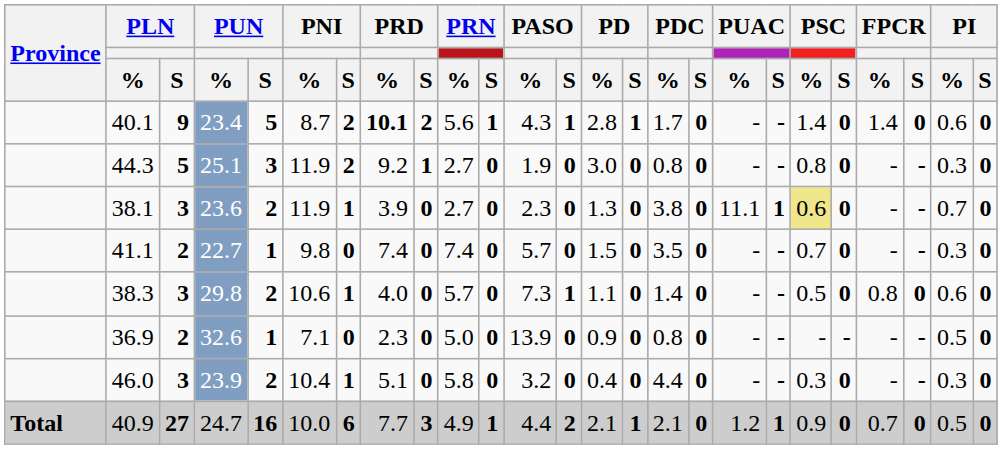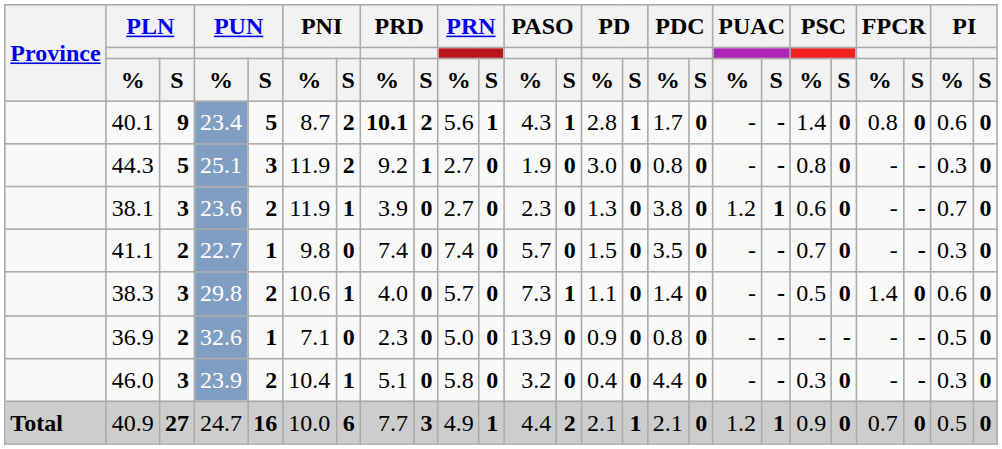 <table class="wikitable sortable" style="text-align:right; font-size:95%; line-height:20px;">
 <tr>
 <th rowspan="3"><a href='#'>Province</a></th>
 <th colspan="2" width="30px"><a href='#'>PLN</a></th>
 <th colspan="2" width="30px"><a href='#'>PUN</a></th>
 <th colspan="2" width="30px">PNI</th>
 <th colspan="2" width="30px">PRD</th>
 <th colspan="2" width="30px"><a href='#'>PRN</a></th>
 <th colspan="2" width="30px">PASO</th>
 <th colspan="2" width="30px">PD</th>
 <th colspan="2" width="30px">PDC</th>
 <th colspan="2" width="30px">PUAC</th>
 <th colspan="2" width="30px">PSC</th>
 <th colspan="2" width="30px">FPCR</th>
 <th colspan="2" width="30px">PI</th>
 </tr>
 <tr>
 <th colspan="2" style="background:"></th>
 <th colspan="2" style="background:"></th>
 <th colspan="2" style="background:"></th>
 <th colspan="2" style="background:"></th>
 <th colspan="2" style="background:#ba151b"></th>
 <th colspan="2" style="background:"></th>
 <th colspan="2" style="background:"></th>
 <th colspan="2" style="background:"></th>
 <th colspan="2" style="background:#AE23B8"></th>
 <th colspan="2" style="background:#F21F1F"></th>
 <th colspan="2" style="background:"></th>
 <th colspan="2" style="background:"></th>
 </tr>
 <tr>
 <th data-sort-type="number">%</th>
 <th data-sort-type="number">S</th>
 <th data-sort-type="number">%</th>
 <th data-sort-type="number">S</th>
 <th data-sort-type="number">%</th>
 <th data-sort-type="number">S</th>
 <th data-sort-type="number">%</th>
 <th data-sort-type="number">S</th>
 <th data-sort-type="number">%</th>
 <th data-sort-type="number">S</th>
 <th data-sort-type="number">%</th>
 <th data-sort-type="number">S</th>
 <th data-sort-type="number">%</th>
 <th data-sort-type="number">S</th>
 <th data-sort-type="number">%</th>
 <th data-sort-type="number">S</th>
 <th data-sort-type="number">%</th>
 <th data-sort-type="number">S</th>
 <th data-sort-type="number">%</th>
 <th data-sort-type="number">S</th>
 <th data-sort-type="number">%</th>
 <th data-sort-type="number">S</th>
 <th data-sort-type="number">%</th>
 <th data-sort-type="number">S</th>
 </tr>
 <tr>
 <td align="left"></td>
 <td style="background:">40.1</td>
 <td><strong>9</strong></td>
 <td style="background:#809ec1; color:white;">23.4</td>
 <td><strong>5</strong></td>
 <td>8.7</td>
 <td><strong>2</strong></td>
 <td><strong>10.1</strong></td>
 <td><strong>2</strong></td>
 <td>5.6</td>
 <td><strong>1</strong></td>
 <td>4.3</td>
 <td><strong>1</strong></td>
 <td>2.8</td>
 <td><strong>1</strong></td>
 <td>1.7</td>
 <td><strong>0</strong></td>
 <td>-</td>
 <td><strong>-</strong></td>
 <td>1.4</td>
 <td><strong>0</strong></td>
-<td>1.4</td>
+<td>0.8</td>
 <td><strong>0</strong></td>
 <td>0.6</td>
 <td><strong>0</strong></td>
 </tr>
 <tr>
 <td align="left"></td>
 <td style="background:">44.3</td>
 <td><strong>5</strong></td>
 <td style="background:#809ec1; color:white;">25.1</td>
 <td><strong>3</strong></td>
 <td>11.9</td>
 <td><strong>2</strong></td>
 <td>9.2</td>
 <td><strong>1</strong></td>
 <td>2.7</td>
 <td><strong>0</strong></td>
 <td>1.9</td>
 <td><strong>0</strong></td>
 <td>3.0</td>
 <td><strong>0</strong></td>
 <td>0.8</td>
 <td><strong>0</strong></td>
 <td>-</td>
 <td><strong>-</strong></td>
 <td>0.8</td>
 <td><strong>0</strong></td>
 <td>-</td>
 <td><strong>-</strong></td>
 <td>0.3</td>
 <td><strong>0</strong></td>
 </tr>
 <tr>
 <td align="left"></td>
 <td style="background:">38.1</td>
 <td><strong>3</strong></td>
 <td style="background:#809ec1; color:white;">23.6</td>
 <td><strong>2</strong></td>
 <td>11.9</td>
 <td><strong>1</strong></td>
 <td>3.9</td>
 <td><strong>0</strong></td>
 <td>2.7</td>
 <td><strong>0</strong></td>
 <td>2.3</td>
 <td><strong>0</strong></td>
 <td>1.3</td>
 <td><strong>0</strong></td>
 <td>3.8</td>
 <td><strong>0</strong></td>
-<td>11.1</td>
+<td>1.2</td>
 <td><strong>1</strong></td>
-<td style="background: khaki;">0.6</td>
+<td>0.6</td>
 <td><strong>0</strong></td>
 <td>-</td>
 <td><strong>-</strong></td>
 <td>0.7</td>
 <td><strong>0</strong></td>
 </tr>
 <tr>
 <td align="left"></td>
 <td style="background:">41.1</td>
 <td><strong>2</strong></td>
 <td style="background:#809ec1; color:white;">22.7</td>
 <td><strong>1</strong></td>
 <td>9.8</td>
 <td><strong>0</strong></td>
 <td>7.4</td>
 <td><strong>0</strong></td>
 <td>7.4</td>
 <td><strong>0</strong></td>
 <td>5.7</td>
 <td><strong>0</strong></td>
 <td>1.5</td>
 <td><strong>0</strong></td>
 <td>3.5</td>
 <td><strong>0</strong></td>
 <td>-</td>
 <td><strong>-</strong></td>
 <td>0.7</td>
 <td><strong>0</strong></td>
 <td>-</td>
 <td><strong>-</strong></td>
 <td>0.3</td>
 <td><strong>0</strong></td>
 </tr>
 <tr>
 <td align="left"></td>
 <td style="background:">38.3</td>
 <td><strong>3</strong></td>
 <td style="background:#809ec1; color:white;">29.8</td>
 <td><strong>2</strong></td>
 <td>10.6</td>
 <td><strong>1</strong></td>
 <td>4.0</td>
 <td><strong>0</strong></td>
 <td>5.7</td>
 <td><strong>0</strong></td>
 <td>7.3</td>
 <td><strong>1</strong></td>
 <td>1.1</td>
 <td><strong>0</strong></td>
 <td>1.4</td>
 <td><strong>0</strong></td>
 <td>-</td>
 <td><strong>-</strong></td>
 <td>0.5</td>
 <td><strong>0</strong></td>
-<td>0.8</td>
+<td>1.4</td>
 <td><strong>0</strong></td>
 <td>0.6</td>
 <td><strong>0</strong></td>
 </tr>
 <tr>
 <td align="left"></td>
 <td style="background:">36.9</td>
 <td><strong>2</strong></td>
 <td style="background:#809ec1; color:white;">32.6</td>
 <td><strong>1</strong></td>
 <td>7.1</td>
 <td><strong>0</strong></td>
 <td>2.3</td>
 <td><strong>0</strong></td>
 <td>5.0</td>
 <td><strong>0</strong></td>
 <td>13.9</td>
 <td><strong>0</strong></td>
 <td>0.9</td>
 <td><strong>0</strong></td>
 <td>0.8</td>
 <td><strong>0</strong></td>
 <td>-</td>
 <td><strong>-</strong></td>
 <td>-</td>
 <td><strong>-</strong></td>
 <td>-</td>
 <td><strong>-</strong></td>
 <td>0.5</td>
 <td><strong>0</strong></td>
 </tr>
 <tr>
 <td align="left"></td>
 <td style="background:">46.0</td>
 <td><strong>3</strong></td>
 <td style="background:#809ec1; color:white;">23.9</td>
 <td><strong>2</strong></td>
 <td>10.4</td>
 <td><strong>1</strong></td>
 <td>5.1</td>
 <td><strong>0</strong></td>
 <td>5.8</td>
 <td><strong>0</strong></td>
 <td>3.2</td>
 <td><strong>0</strong></td>
 <td>0.4</td>
 <td><strong>0</strong></td>
 <td>4.4</td>
 <td><strong>0</strong></td>
 <td>-</td>
 <td><strong>-</strong></td>
 <td>0.3</td>
 <td><strong>0</strong></td>
 <td>-</td>
 <td><strong>-</strong></td>
 <td>0.3</td>
 <td><strong>0</strong></td>
 </tr>
 <tr style="background:#CDCDCD;">
 <td align="left"><strong>Total</strong></td>
 <td style="background:">40.9</td>
 <td><strong>27</strong></td>
 <td>24.7</td>
 <td><strong>16</strong></td>
 <td>10.0</td>
 <td><strong>6</strong></td>
 <td>7.7</td>
 <td><strong>3</strong></td>
 <td>4.9</td>
 <td><strong>1</strong></td>
 <td>4.4</td>
 <td><strong>2</strong></td>
 <td>2.1</td>
 <td><strong>1</strong></td>
 <td>2.1</td>
 <td><strong>0</strong></td>
 <td>1.2</td>
 <td><strong>1</strong></td>
 <td>0.9</td>
 <td><strong>0</strong></td>
 <td>0.7</td>
 <td><strong>0</strong></td>
 <td>0.5</td>
 <td><strong>0</strong></td>
 </tr>
 </table>
